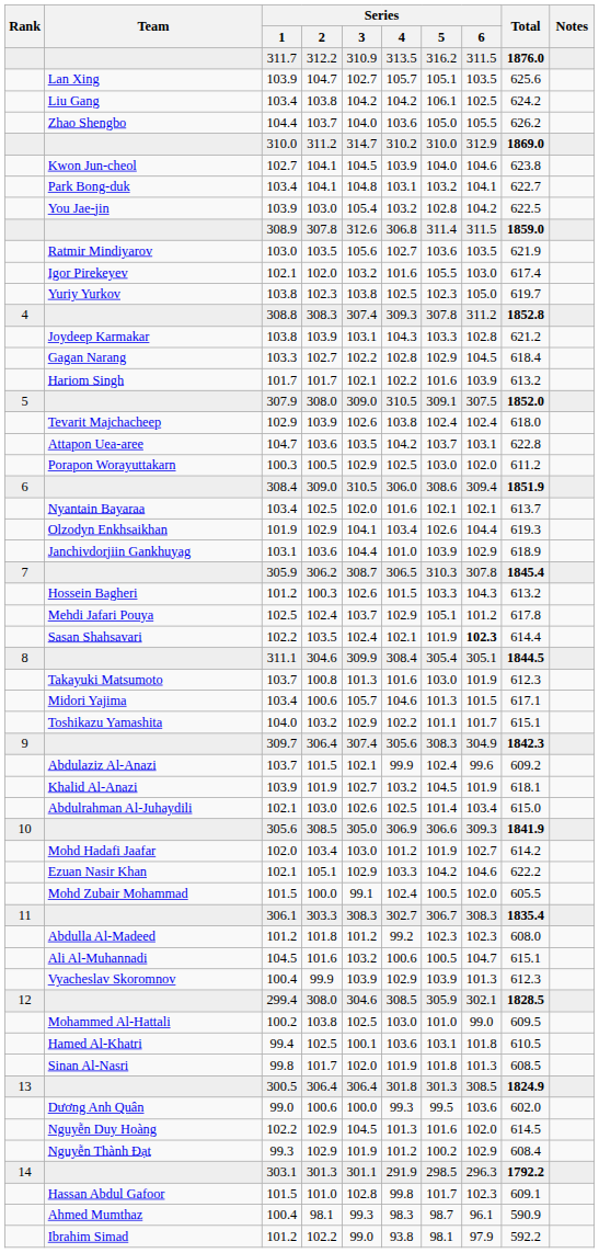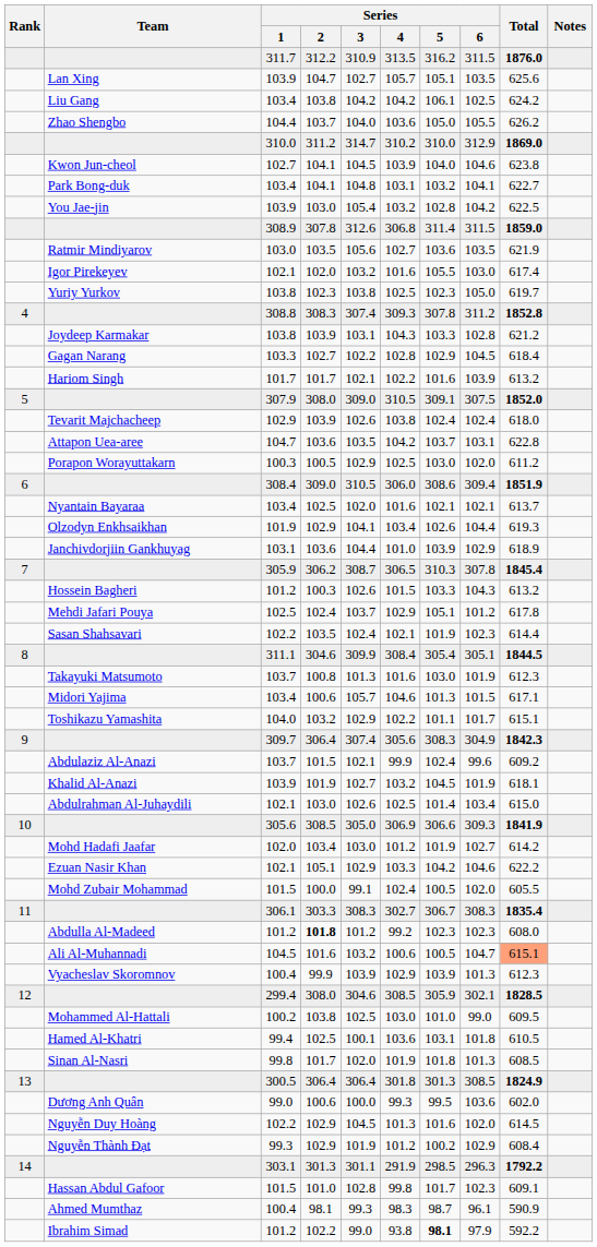 <table class="wikitable" style="text-align:center">
 <tr>
 <th rowspan=2 width=40>Rank</th>
 <th rowspan=2 width=250>Team</th>
 <th colspan=6>Series</th>
 <th rowspan=2 width=50>Total</th>
 <th rowspan=2 width=45>Notes</th>
 </tr>
 <tr>
 <th width=40>1</th>
 <th width=40>2</th>
 <th width=40>3</th>
 <th width=40>4</th>
 <th width=40>5</th>
 <th width=40>6</th>
 </tr>
 <tr bgcolor=eeeeee>
 <td></td>
 <td align=left></td>
 <td>311.7</td>
 <td>312.2</td>
 <td>310.9</td>
 <td>313.5</td>
 <td>316.2</td>
 <td>311.5</td>
 <td><strong>1876.0</strong></td>
 <td></td>
 </tr>
 <tr>
 <td></td>
 <td align=left><a href='#'>Lan Xing</a></td>
 <td>103.9</td>
 <td>104.7</td>
 <td>102.7</td>
 <td>105.7</td>
 <td>105.1</td>
 <td>103.5</td>
 <td>625.6</td>
 <td></td>
 </tr>
 <tr>
 <td></td>
 <td align=left><a href='#'>Liu Gang</a></td>
 <td>103.4</td>
 <td>103.8</td>
 <td>104.2</td>
 <td>104.2</td>
 <td>106.1</td>
 <td>102.5</td>
 <td>624.2</td>
 <td></td>
 </tr>
 <tr>
 <td></td>
 <td align=left><a href='#'>Zhao Shengbo</a></td>
 <td>104.4</td>
 <td>103.7</td>
 <td>104.0</td>
 <td>103.6</td>
 <td>105.0</td>
 <td>105.5</td>
 <td>626.2</td>
 <td></td>
 </tr>
 <tr bgcolor=eeeeee>
 <td></td>
 <td align=left></td>
 <td>310.0</td>
 <td>311.2</td>
 <td>314.7</td>
 <td>310.2</td>
 <td>310.0</td>
 <td>312.9</td>
 <td><strong>1869.0</strong></td>
 <td></td>
 </tr>
 <tr>
 <td></td>
 <td align=left><a href='#'>Kwon Jun-cheol</a></td>
 <td>102.7</td>
 <td>104.1</td>
 <td>104.5</td>
 <td>103.9</td>
 <td>104.0</td>
 <td>104.6</td>
 <td>623.8</td>
 <td></td>
 </tr>
 <tr>
 <td></td>
 <td align=left><a href='#'>Park Bong-duk</a></td>
 <td>103.4</td>
 <td>104.1</td>
 <td>104.8</td>
 <td>103.1</td>
 <td>103.2</td>
 <td>104.1</td>
 <td>622.7</td>
 <td></td>
 </tr>
 <tr>
 <td></td>
 <td align=left><a href='#'>You Jae-jin</a></td>
 <td>103.9</td>
 <td>103.0</td>
 <td>105.4</td>
 <td>103.2</td>
 <td>102.8</td>
 <td>104.2</td>
 <td>622.5</td>
 <td></td>
 </tr>
 <tr bgcolor=eeeeee>
 <td></td>
 <td align=left></td>
 <td>308.9</td>
 <td>307.8</td>
 <td>312.6</td>
 <td>306.8</td>
 <td>311.4</td>
 <td>311.5</td>
 <td><strong>1859.0</strong></td>
 <td></td>
 </tr>
 <tr>
 <td></td>
 <td align=left><a href='#'>Ratmir Mindiyarov</a></td>
 <td>103.0</td>
 <td>103.5</td>
 <td>105.6</td>
 <td>102.7</td>
 <td>103.6</td>
 <td>103.5</td>
 <td>621.9</td>
 <td></td>
 </tr>
 <tr>
 <td></td>
 <td align=left><a href='#'>Igor Pirekeyev</a></td>
 <td>102.1</td>
 <td>102.0</td>
 <td>103.2</td>
 <td>101.6</td>
 <td>105.5</td>
 <td>103.0</td>
 <td>617.4</td>
 <td></td>
 </tr>
 <tr>
 <td></td>
 <td align=left><a href='#'>Yuriy Yurkov</a></td>
 <td>103.8</td>
 <td>102.3</td>
 <td>103.8</td>
 <td>102.5</td>
 <td>102.3</td>
 <td>105.0</td>
 <td>619.7</td>
 <td></td>
 </tr>
 <tr bgcolor=eeeeee>
 <td>4</td>
 <td align=left></td>
 <td>308.8</td>
 <td>308.3</td>
 <td>307.4</td>
 <td>309.3</td>
 <td>307.8</td>
 <td>311.2</td>
 <td><strong>1852.8</strong></td>
 <td></td>
 </tr>
 <tr>
 <td></td>
 <td align=left><a href='#'>Joydeep Karmakar</a></td>
 <td>103.8</td>
 <td>103.9</td>
 <td>103.1</td>
 <td>104.3</td>
 <td>103.3</td>
 <td>102.8</td>
 <td>621.2</td>
 <td></td>
 </tr>
 <tr>
 <td></td>
 <td align=left><a href='#'>Gagan Narang</a></td>
 <td>103.3</td>
 <td>102.7</td>
 <td>102.2</td>
 <td>102.8</td>
 <td>102.9</td>
 <td>104.5</td>
 <td>618.4</td>
 <td></td>
 </tr>
 <tr>
 <td></td>
 <td align=left><a href='#'>Hariom Singh</a></td>
 <td>101.7</td>
 <td>101.7</td>
 <td>102.1</td>
 <td>102.2</td>
 <td>101.6</td>
 <td>103.9</td>
 <td>613.2</td>
 <td></td>
 </tr>
 <tr bgcolor=eeeeee>
 <td>5</td>
 <td align=left></td>
 <td>307.9</td>
 <td>308.0</td>
 <td>309.0</td>
 <td>310.5</td>
 <td>309.1</td>
 <td>307.5</td>
 <td><strong>1852.0</strong></td>
 <td></td>
 </tr>
 <tr>
 <td></td>
 <td align=left><a href='#'>Tevarit Majchacheep</a></td>
 <td>102.9</td>
 <td>103.9</td>
 <td>102.6</td>
 <td>103.8</td>
 <td>102.4</td>
 <td>102.4</td>
 <td>618.0</td>
 <td></td>
 </tr>
 <tr>
 <td></td>
 <td align=left><a href='#'>Attapon Uea-aree</a></td>
 <td>104.7</td>
 <td>103.6</td>
 <td>103.5</td>
 <td>104.2</td>
 <td>103.7</td>
 <td>103.1</td>
 <td>622.8</td>
 <td></td>
 </tr>
 <tr>
 <td></td>
 <td align=left><a href='#'>Porapon Worayuttakarn</a></td>
 <td>100.3</td>
 <td>100.5</td>
 <td>102.9</td>
 <td>102.5</td>
 <td>103.0</td>
 <td>102.0</td>
 <td>611.2</td>
 <td></td>
 </tr>
 <tr bgcolor=eeeeee>
 <td>6</td>
 <td align=left></td>
 <td>308.4</td>
 <td>309.0</td>
 <td>310.5</td>
 <td>306.0</td>
 <td>308.6</td>
 <td>309.4</td>
 <td><strong>1851.9</strong></td>
 <td></td>
 </tr>
 <tr>
 <td></td>
 <td align=left><a href='#'>Nyantain Bayaraa</a></td>
 <td>103.4</td>
 <td>102.5</td>
 <td>102.0</td>
 <td>101.6</td>
 <td>102.1</td>
 <td>102.1</td>
 <td>613.7</td>
 <td></td>
 </tr>
 <tr>
 <td></td>
 <td align=left><a href='#'>Olzodyn Enkhsaikhan</a></td>
 <td>101.9</td>
 <td>102.9</td>
 <td>104.1</td>
 <td>103.4</td>
 <td>102.6</td>
 <td>104.4</td>
 <td>619.3</td>
 <td></td>
 </tr>
 <tr>
 <td></td>
 <td align=left><a href='#'>Janchivdorjiin Gankhuyag</a></td>
 <td>103.1</td>
 <td>103.6</td>
 <td>104.4</td>
 <td>101.0</td>
 <td>103.9</td>
 <td>102.9</td>
 <td>618.9</td>
 <td></td>
 </tr>
 <tr bgcolor=eeeeee>
 <td>7</td>
 <td align=left></td>
 <td>305.9</td>
 <td>306.2</td>
 <td>308.7</td>
 <td>306.5</td>
 <td>310.3</td>
 <td>307.8</td>
 <td><strong>1845.4</strong></td>
 <td></td>
 </tr>
 <tr>
 <td></td>
 <td align=left><a href='#'>Hossein Bagheri</a></td>
 <td>101.2</td>
 <td>100.3</td>
 <td>102.6</td>
 <td>101.5</td>
 <td>103.3</td>
 <td>104.3</td>
 <td>613.2</td>
 <td></td>
 </tr>
 <tr>
 <td></td>
 <td align=left><a href='#'>Mehdi Jafari Pouya</a></td>
 <td>102.5</td>
 <td>102.4</td>
 <td>103.7</td>
 <td>102.9</td>
 <td>105.1</td>
 <td>101.2</td>
 <td>617.8</td>
 <td></td>
 </tr>
 <tr>
 <td></td>
 <td align=left><a href='#'>Sasan Shahsavari</a></td>
 <td>102.2</td>
 <td>103.5</td>
 <td>102.4</td>
 <td>102.1</td>
 <td>101.9</td>
-<td><strong>102.3</strong></td>
+<td>102.3</td>
 <td>614.4</td>
 <td></td>
 </tr>
 <tr bgcolor=eeeeee>
 <td>8</td>
 <td align=left></td>
 <td>311.1</td>
 <td>304.6</td>
 <td>309.9</td>
 <td>308.4</td>
 <td>305.4</td>
 <td>305.1</td>
 <td><strong>1844.5</strong></td>
 <td></td>
 </tr>
 <tr>
 <td></td>
 <td align=left><a href='#'>Takayuki Matsumoto</a></td>
 <td>103.7</td>
 <td>100.8</td>
 <td>101.3</td>
 <td>101.6</td>
 <td>103.0</td>
 <td>101.9</td>
 <td>612.3</td>
 <td></td>
 </tr>
 <tr>
 <td></td>
 <td align=left><a href='#'>Midori Yajima</a></td>
 <td>103.4</td>
 <td>100.6</td>
 <td>105.7</td>
 <td>104.6</td>
 <td>101.3</td>
 <td>101.5</td>
 <td>617.1</td>
 <td></td>
 </tr>
 <tr>
 <td></td>
 <td align=left><a href='#'>Toshikazu Yamashita</a></td>
 <td>104.0</td>
 <td>103.2</td>
 <td>102.9</td>
 <td>102.2</td>
 <td>101.1</td>
 <td>101.7</td>
 <td>615.1</td>
 <td></td>
 </tr>
 <tr bgcolor=eeeeee>
 <td>9</td>
 <td align=left></td>
 <td>309.7</td>
 <td>306.4</td>
 <td>307.4</td>
 <td>305.6</td>
 <td>308.3</td>
 <td>304.9</td>
 <td><strong>1842.3</strong></td>
 <td></td>
 </tr>
 <tr>
 <td></td>
 <td align=left><a href='#'>Abdulaziz Al-Anazi</a></td>
 <td>103.7</td>
 <td>101.5</td>
 <td>102.1</td>
 <td>99.9</td>
 <td>102.4</td>
 <td>99.6</td>
 <td>609.2</td>
 <td></td>
 </tr>
 <tr>
 <td></td>
 <td align=left><a href='#'>Khalid Al-Anazi</a></td>
 <td>103.9</td>
 <td>101.9</td>
 <td>102.7</td>
 <td>103.2</td>
 <td>104.5</td>
 <td>101.9</td>
 <td>618.1</td>
 <td></td>
 </tr>
 <tr>
 <td></td>
 <td align=left><a href='#'>Abdulrahman Al-Juhaydili</a></td>
 <td>102.1</td>
 <td>103.0</td>
 <td>102.6</td>
 <td>102.5</td>
 <td>101.4</td>
 <td>103.4</td>
 <td>615.0</td>
 <td></td>
 </tr>
 <tr bgcolor=eeeeee>
 <td>10</td>
 <td align=left></td>
 <td>305.6</td>
 <td>308.5</td>
 <td>305.0</td>
 <td>306.9</td>
 <td>306.6</td>
 <td>309.3</td>
 <td><strong>1841.9</strong></td>
 <td></td>
 </tr>
 <tr>
 <td></td>
 <td align=left><a href='#'>Mohd Hadafi Jaafar</a></td>
 <td>102.0</td>
 <td>103.4</td>
 <td>103.0</td>
 <td>101.2</td>
 <td>101.9</td>
 <td>102.7</td>
 <td>614.2</td>
 <td></td>
 </tr>
 <tr>
 <td></td>
 <td align=left><a href='#'>Ezuan Nasir Khan</a></td>
 <td>102.1</td>
 <td>105.1</td>
 <td>102.9</td>
 <td>103.3</td>
 <td>104.2</td>
 <td>104.6</td>
 <td>622.2</td>
 <td></td>
 </tr>
 <tr>
 <td></td>
 <td align=left><a href='#'>Mohd Zubair Mohammad</a></td>
 <td>101.5</td>
 <td>100.0</td>
 <td>99.1</td>
 <td>102.4</td>
 <td>100.5</td>
 <td>102.0</td>
 <td>605.5</td>
 <td></td>
 </tr>
 <tr bgcolor=eeeeee>
 <td>11</td>
 <td align=left></td>
 <td>306.1</td>
 <td>303.3</td>
 <td>308.3</td>
 <td>302.7</td>
 <td>306.7</td>
 <td>308.3</td>
 <td><strong>1835.4</strong></td>
 <td></td>
 </tr>
 <tr>
 <td></td>
 <td align=left><a href='#'>Abdulla Al-Madeed</a></td>
 <td>101.2</td>
-<td>101.8</td>
+<td><strong>101.8</strong></td>
 <td>101.2</td>
 <td>99.2</td>
 <td>102.3</td>
 <td>102.3</td>
 <td>608.0</td>
 <td></td>
 </tr>
 <tr>
 <td></td>
 <td align=left><a href='#'>Ali Al-Muhannadi</a></td>
 <td>104.5</td>
 <td>101.6</td>
 <td>103.2</td>
 <td>100.6</td>
 <td>100.5</td>
 <td>104.7</td>
-<td>615.1</td>
+<td style="background: lightsalmon;">615.1</td>
 <td></td>
 </tr>
 <tr>
 <td></td>
 <td align=left><a href='#'>Vyacheslav Skoromnov</a></td>
 <td>100.4</td>
 <td>99.9</td>
 <td>103.9</td>
 <td>102.9</td>
 <td>103.9</td>
 <td>101.3</td>
 <td>612.3</td>
 <td></td>
 </tr>
 <tr bgcolor=eeeeee>
 <td>12</td>
 <td align=left></td>
 <td>299.4</td>
 <td>308.0</td>
 <td>304.6</td>
 <td>308.5</td>
 <td>305.9</td>
 <td>302.1</td>
 <td><strong>1828.5</strong></td>
 <td></td>
 </tr>
 <tr>
 <td></td>
 <td align=left><a href='#'>Mohammed Al-Hattali</a></td>
 <td>100.2</td>
 <td>103.8</td>
 <td>102.5</td>
 <td>103.0</td>
 <td>101.0</td>
 <td>99.0</td>
 <td>609.5</td>
 <td></td>
 </tr>
 <tr>
 <td></td>
 <td align=left><a href='#'>Hamed Al-Khatri</a></td>
 <td>99.4</td>
 <td>102.5</td>
 <td>100.1</td>
 <td>103.6</td>
 <td>103.1</td>
 <td>101.8</td>
 <td>610.5</td>
 <td></td>
 </tr>
 <tr>
 <td></td>
 <td align=left><a href='#'>Sinan Al-Nasri</a></td>
 <td>99.8</td>
 <td>101.7</td>
 <td>102.0</td>
 <td>101.9</td>
 <td>101.8</td>
 <td>101.3</td>
 <td>608.5</td>
 <td></td>
 </tr>
 <tr bgcolor=eeeeee>
 <td>13</td>
 <td align=left></td>
 <td>300.5</td>
 <td>306.4</td>
 <td>306.4</td>
 <td>301.8</td>
 <td>301.3</td>
 <td>308.5</td>
 <td><strong>1824.9</strong></td>
 <td></td>
 </tr>
 <tr>
 <td></td>
 <td align=left><a href='#'>Dương Anh Quân</a></td>
 <td>99.0</td>
 <td>100.6</td>
 <td>100.0</td>
 <td>99.3</td>
 <td>99.5</td>
 <td>103.6</td>
 <td>602.0</td>
 <td></td>
 </tr>
 <tr>
 <td></td>
 <td align=left><a href='#'>Nguyễn Duy Hoàng</a></td>
 <td>102.2</td>
 <td>102.9</td>
 <td>104.5</td>
 <td>101.3</td>
 <td>101.6</td>
 <td>102.0</td>
 <td>614.5</td>
 <td></td>
 </tr>
 <tr>
 <td></td>
 <td align=left><a href='#'>Nguyễn Thành Đạt</a></td>
 <td>99.3</td>
 <td>102.9</td>
 <td>101.9</td>
 <td>101.2</td>
 <td>100.2</td>
 <td>102.9</td>
 <td>608.4</td>
 <td></td>
 </tr>
 <tr bgcolor=eeeeee>
 <td>14</td>
 <td align=left></td>
 <td>303.1</td>
 <td>301.3</td>
 <td>301.1</td>
 <td>291.9</td>
 <td>298.5</td>
 <td>296.3</td>
 <td><strong>1792.2</strong></td>
 <td></td>
 </tr>
 <tr>
 <td></td>
 <td align=left><a href='#'>Hassan Abdul Gafoor</a></td>
 <td>101.5</td>
 <td>101.0</td>
 <td>102.8</td>
 <td>99.8</td>
 <td>101.7</td>
 <td>102.3</td>
 <td>609.1</td>
 <td></td>
 </tr>
 <tr>
 <td></td>
 <td align=left><a href='#'>Ahmed Mumthaz</a></td>
 <td>100.4</td>
 <td>98.1</td>
 <td>99.3</td>
 <td>98.3</td>
 <td>98.7</td>
 <td>96.1</td>
 <td>590.9</td>
 <td></td>
 </tr>
 <tr>
 <td></td>
 <td align=left><a href='#'>Ibrahim Simad</a></td>
 <td>101.2</td>
 <td>102.2</td>
 <td>99.0</td>
 <td>93.8</td>
-<td>98.1</td>
+<td><strong>98.1</strong></td>
 <td>97.9</td>
 <td>592.2</td>
 <td></td>
 </tr>
 </table>
